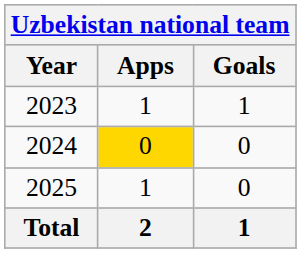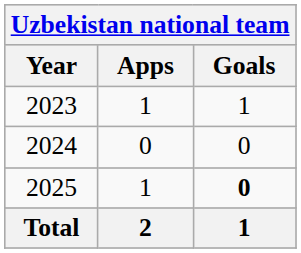 <table class="wikitable" style="text-align:center">
 <tr>
 <th colspan=3><a href='#'>Uzbekistan national team</a></th>
 </tr>
 <tr>
 <th>Year</th>
 <th>Apps</th>
 <th>Goals</th>
 </tr>
 <tr>
 <td>2023</td>
 <td>1</td>
 <td>1</td>
 </tr>
 <tr>
 <td>2024</td>
-<td style="background: gold;">0</td>
+<td>0</td>
 <td>0</td>
 </tr>
 <tr>
 <td>2025</td>
 <td>1</td>
-<td>0</td>
+<td><strong>0</strong></td>
 </tr>
 <tr>
 <th>Total</th>
 <th>2</th>
 <th>1</th>
 </tr>
 </table>
